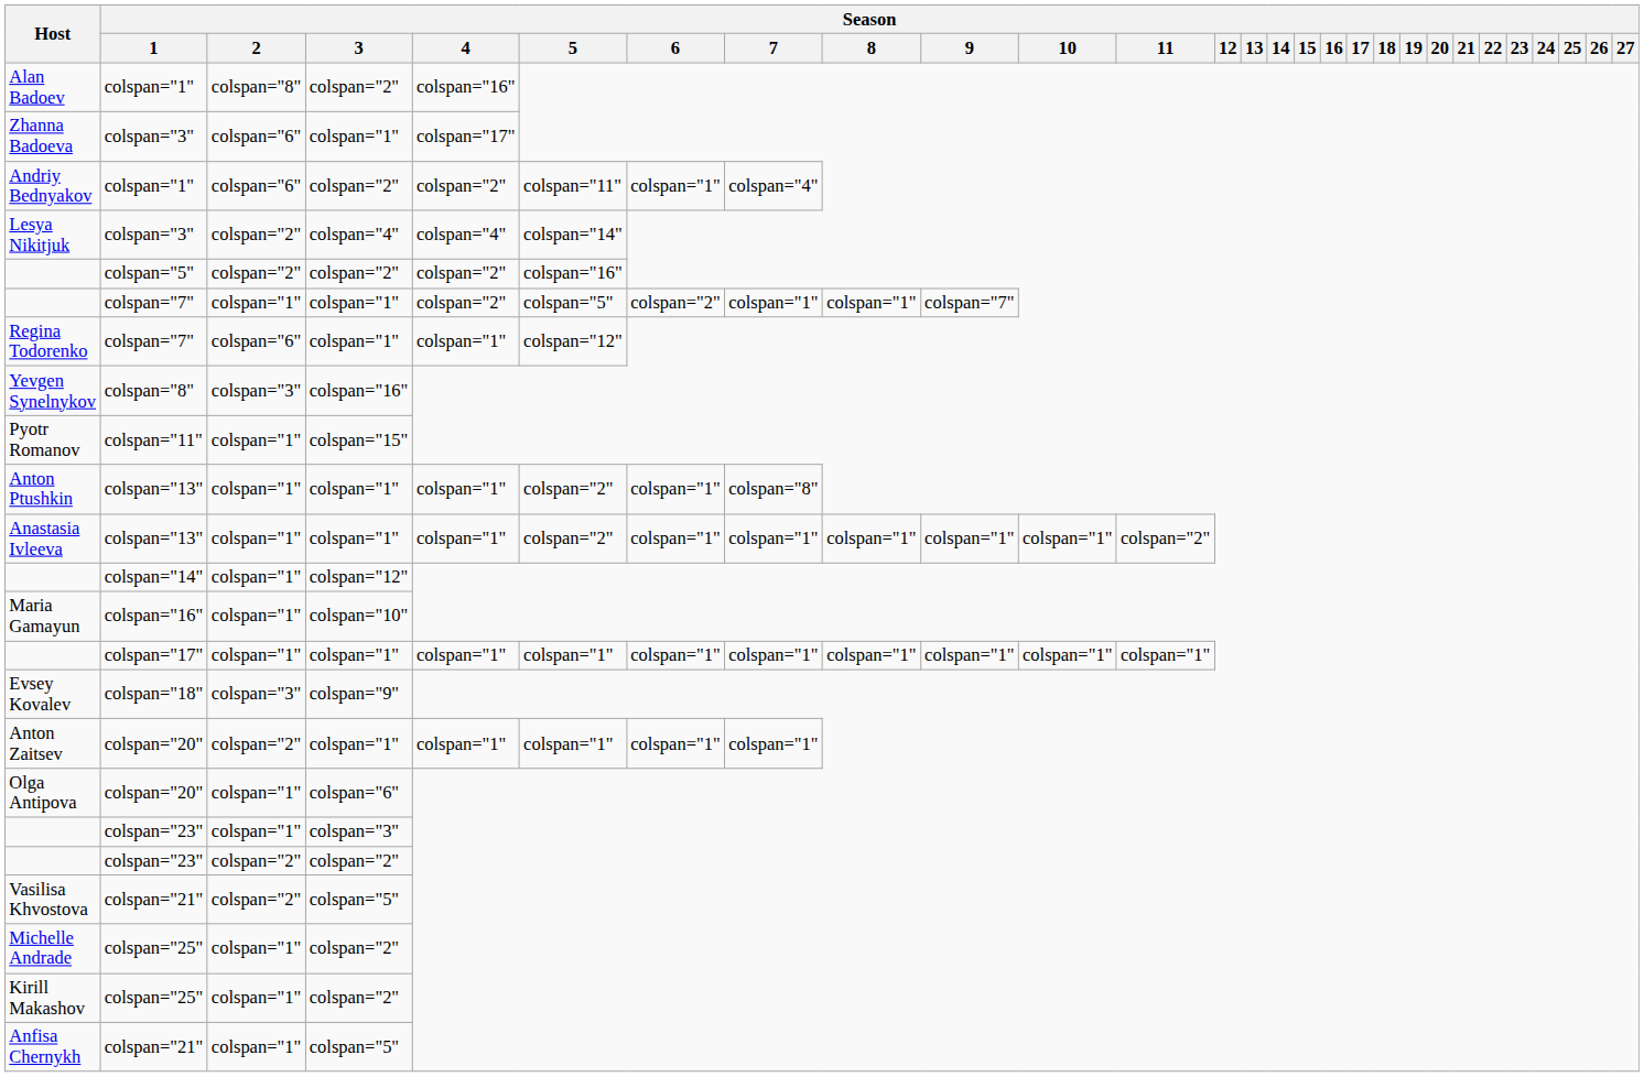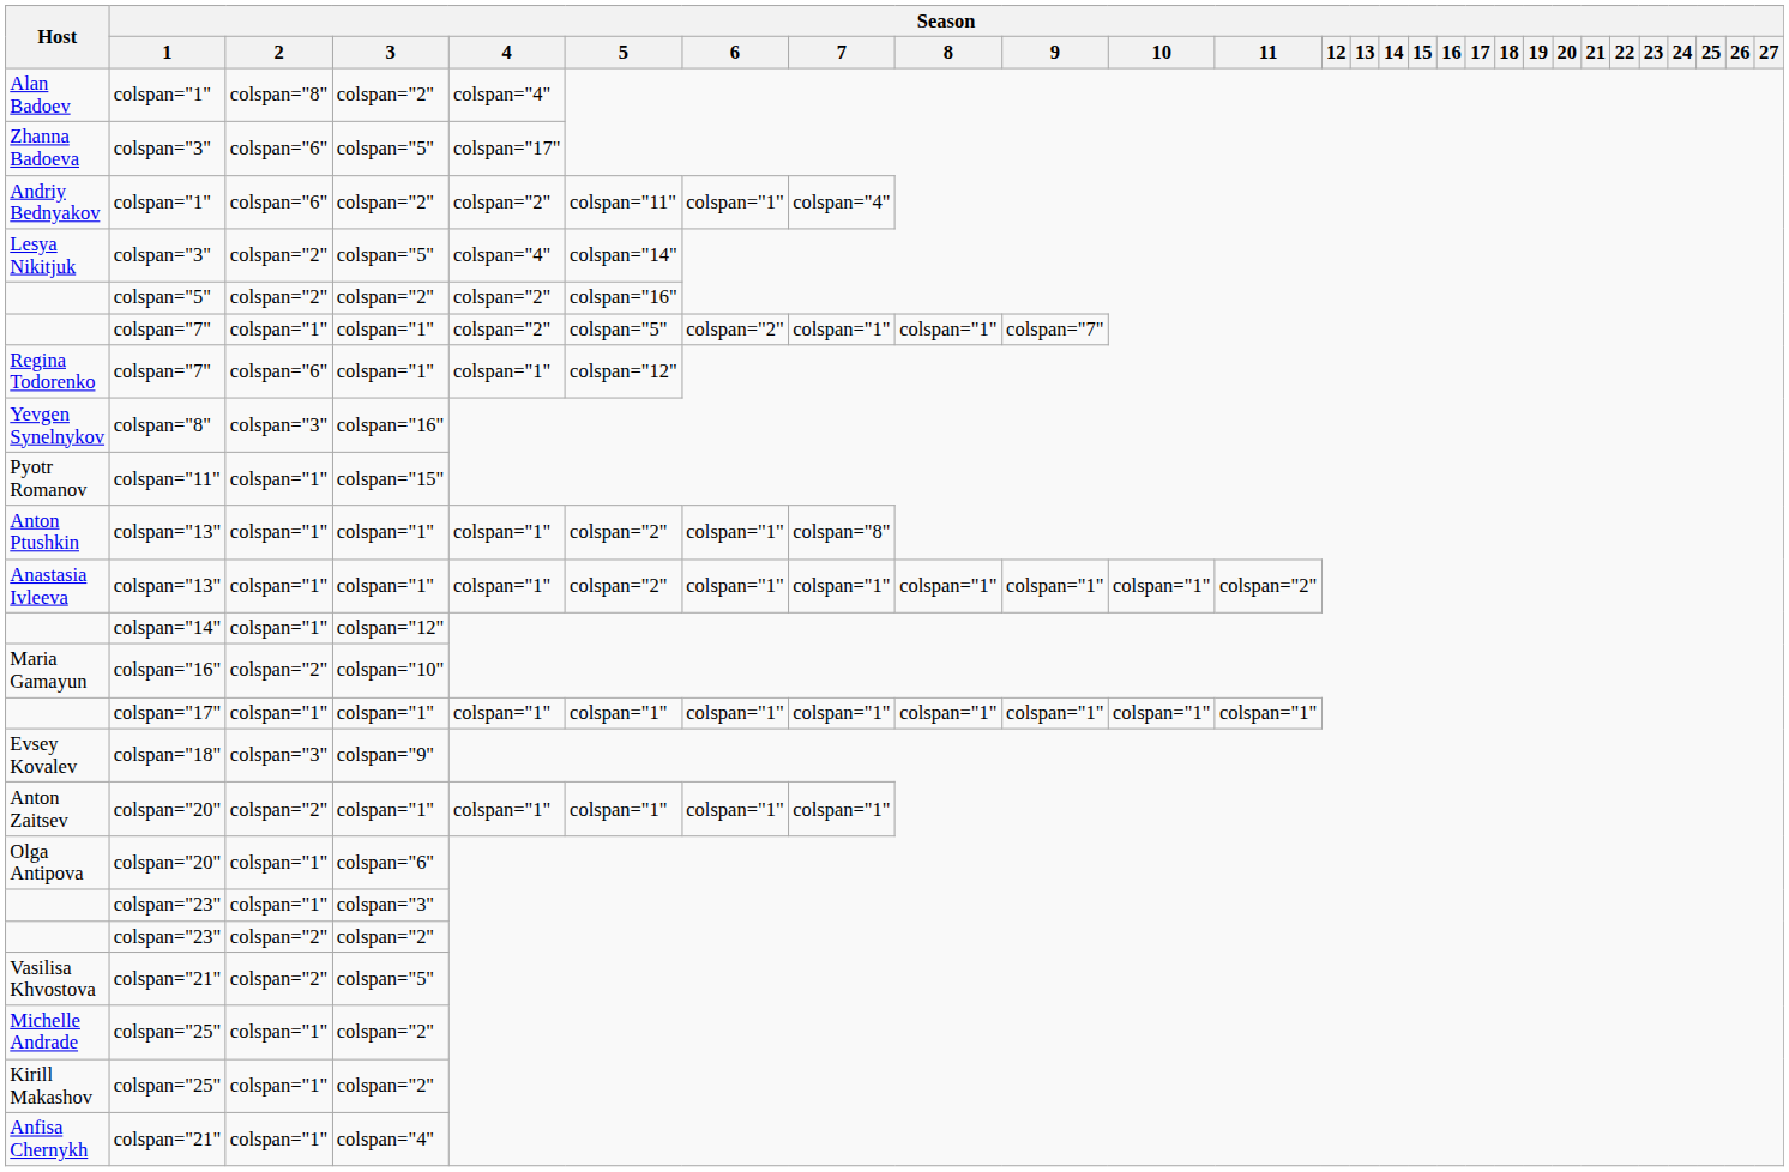 <table class="wikitable" width:"50%">
 <tr>
 <th scope="col"; rowspan="2">Host</th>
 <th colspan="27">Season</th>
 </tr>
 <tr>
 <th ! width="16">1</th>
 <th width="16">2</th>
 <th width="16">3</th>
 <th width="16">4</th>
 <th width="16">5</th>
 <th width="16">6</th>
 <th width="16">7</th>
 <th width="16">8</th>
 <th width="16">9</th>
 <th width="16">10</th>
 <th width="16">11</th>
 <th width="16">12</th>
 <th width="16">13</th>
 <th width="16">14</th>
 <th width="16">15</th>
 <th width="16">16</th>
 <th width="16">17</th>
 <th width="16">18</th>
 <th width="16">19</th>
 <th width="16">20</th>
 <th width="16">21</th>
 <th width="16">22</th>
 <th width="16">23</th>
 <th width="16">24</th>
 <th width="16">25</th>
 <th width="16">26</th>
 <th width="16">27</th>
 </tr>
 <tr>
 <td> <a href='#'>Alan Badoev</a></td>
 <td>colspan="1" </td>
 <td>colspan="8" </td>
 <td>colspan="2" </td>
-<td>colspan="16" </td>
+<td>colspan="4" </td>
 </tr>
 <tr>
 <td> <a href='#'>Zhanna Badoeva</a></td>
 <td>colspan="3" </td>
 <td>colspan="6" </td>
-<td>colspan="1" </td>
+<td>colspan="5" </td>
 <td>colspan="17" </td>
 </tr>
 <tr>
 <td> <a href='#'>Andriy Bednyakov</a></td>
 <td>colspan="1" </td>
 <td>colspan="6" </td>
 <td>colspan="2" </td>
 <td>colspan="2" </td>
 <td>colspan="11" </td>
 <td>colspan="1" </td>
 <td>colspan="4" </td>
 </tr>
 <tr>
 <td> <a href='#'>Lesya Nikitjuk</a></td>
 <td>colspan="3" </td>
 <td>colspan="2" </td>
-<td>colspan="4" </td>
+<td>colspan="5" </td>
 <td>colspan="4" </td>
 <td>colspan="14" </td>
 </tr>
 <tr>
 <td> </td>
 <td>colspan="5" </td>
 <td>colspan="2" </td>
 <td>colspan="2" </td>
 <td>colspan="2" </td>
 <td>colspan="16" </td>
 </tr>
 <tr>
 <td> </td>
 <td>colspan="7" </td>
 <td>colspan="1" </td>
 <td>colspan="1" </td>
 <td>colspan="2" </td>
 <td>colspan="5" </td>
 <td>colspan="2" </td>
 <td>colspan="1" </td>
 <td>colspan="1" </td>
 <td>colspan="7" </td>
 </tr>
 <tr>
 <td> <a href='#'>Regina Todorenko</a></td>
 <td>colspan="7" </td>
 <td>colspan="6" </td>
 <td>colspan="1" </td>
 <td>colspan="1" </td>
 <td>colspan="12" </td>
 </tr>
 <tr>
 <td> <a href='#'>Yevgen Synelnykov</a></td>
 <td>colspan="8" </td>
 <td>colspan="3" </td>
 <td>colspan="16" </td>
 </tr>
 <tr>
 <td> Pyotr Romanov</td>
 <td>colspan="11" </td>
 <td>colspan="1" </td>
 <td>colspan="15" </td>
 </tr>
 <tr>
 <td> <a href='#'>Anton Ptushkin</a></td>
 <td>colspan="13" </td>
 <td>colspan="1" </td>
 <td>colspan="1" </td>
 <td>colspan="1" </td>
 <td>colspan="2" </td>
 <td>colspan="1" </td>
 <td>colspan="8" </td>
 </tr>
 <tr>
 <td> <a href='#'>Anastasia Ivleeva</a></td>
 <td>colspan="13" </td>
 <td>colspan="1" </td>
 <td>colspan="1" </td>
 <td>colspan="1" </td>
 <td>colspan="2" </td>
 <td>colspan="1" </td>
 <td>colspan="1" </td>
 <td>colspan="1" </td>
 <td>colspan="1" </td>
 <td>colspan="1" </td>
 <td>colspan="2" </td>
 </tr>
 <tr>
 <td> </td>
 <td>colspan="14" </td>
 <td>colspan="1" </td>
 <td>colspan="12" </td>
 </tr>
 <tr>
 <td> Maria Gamayun</td>
 <td>colspan="16" </td>
-<td>colspan="1" </td>
+<td>colspan="2" </td>
 <td>colspan="10" </td>
 </tr>
 <tr>
 <td> </td>
 <td>colspan="17" </td>
 <td>colspan="1" </td>
 <td>colspan="1" </td>
 <td>colspan="1" </td>
 <td>colspan="1" </td>
 <td>colspan="1" </td>
 <td>colspan="1" </td>
 <td>colspan="1" </td>
 <td>colspan="1" </td>
 <td>colspan="1" </td>
 <td>colspan="1" </td>
 </tr>
 <tr>
 <td> Evsey Kovalev</td>
 <td>colspan="18" </td>
 <td>colspan="3" </td>
 <td>colspan="9" </td>
 </tr>
 <tr>
 <td> Anton Zaitsev</td>
 <td>colspan="20" </td>
 <td>colspan="2" </td>
 <td>colspan="1" </td>
 <td>colspan="1" </td>
 <td>colspan="1" </td>
 <td>colspan="1" </td>
 <td>colspan="1" </td>
 </tr>
 <tr>
 <td> Olga Antipova</td>
 <td>colspan="20" </td>
 <td>colspan="1" </td>
 <td>colspan="6" </td>
 </tr>
 <tr>
 <td> </td>
 <td>colspan="23" </td>
 <td>colspan="1" </td>
 <td>colspan="3" </td>
 </tr>
 <tr>
 <td> </td>
 <td>colspan="23" </td>
 <td>colspan="2" </td>
 <td>colspan="2" </td>
 </tr>
 <tr>
 <td> Vasilisa Khvostova</td>
 <td>colspan="21" </td>
 <td>colspan="2" </td>
 <td>colspan="5" </td>
 </tr>
 <tr>
 <td> <a href='#'>Michelle Andrade</a></td>
 <td>colspan="25" </td>
 <td>colspan="1" </td>
 <td>colspan="2" </td>
 </tr>
 <tr>
 <td> Kirill Makashov</td>
 <td>colspan="25" </td>
 <td>colspan="1" </td>
 <td>colspan="2" </td>
 </tr>
 <tr>
 <td> <a href='#'>Anfisa Chernykh</a></td>
 <td>colspan="21" </td>
 <td>colspan="1" </td>
-<td>colspan="5" </td>
+<td>colspan="4" </td>
 </tr>
 </table>
